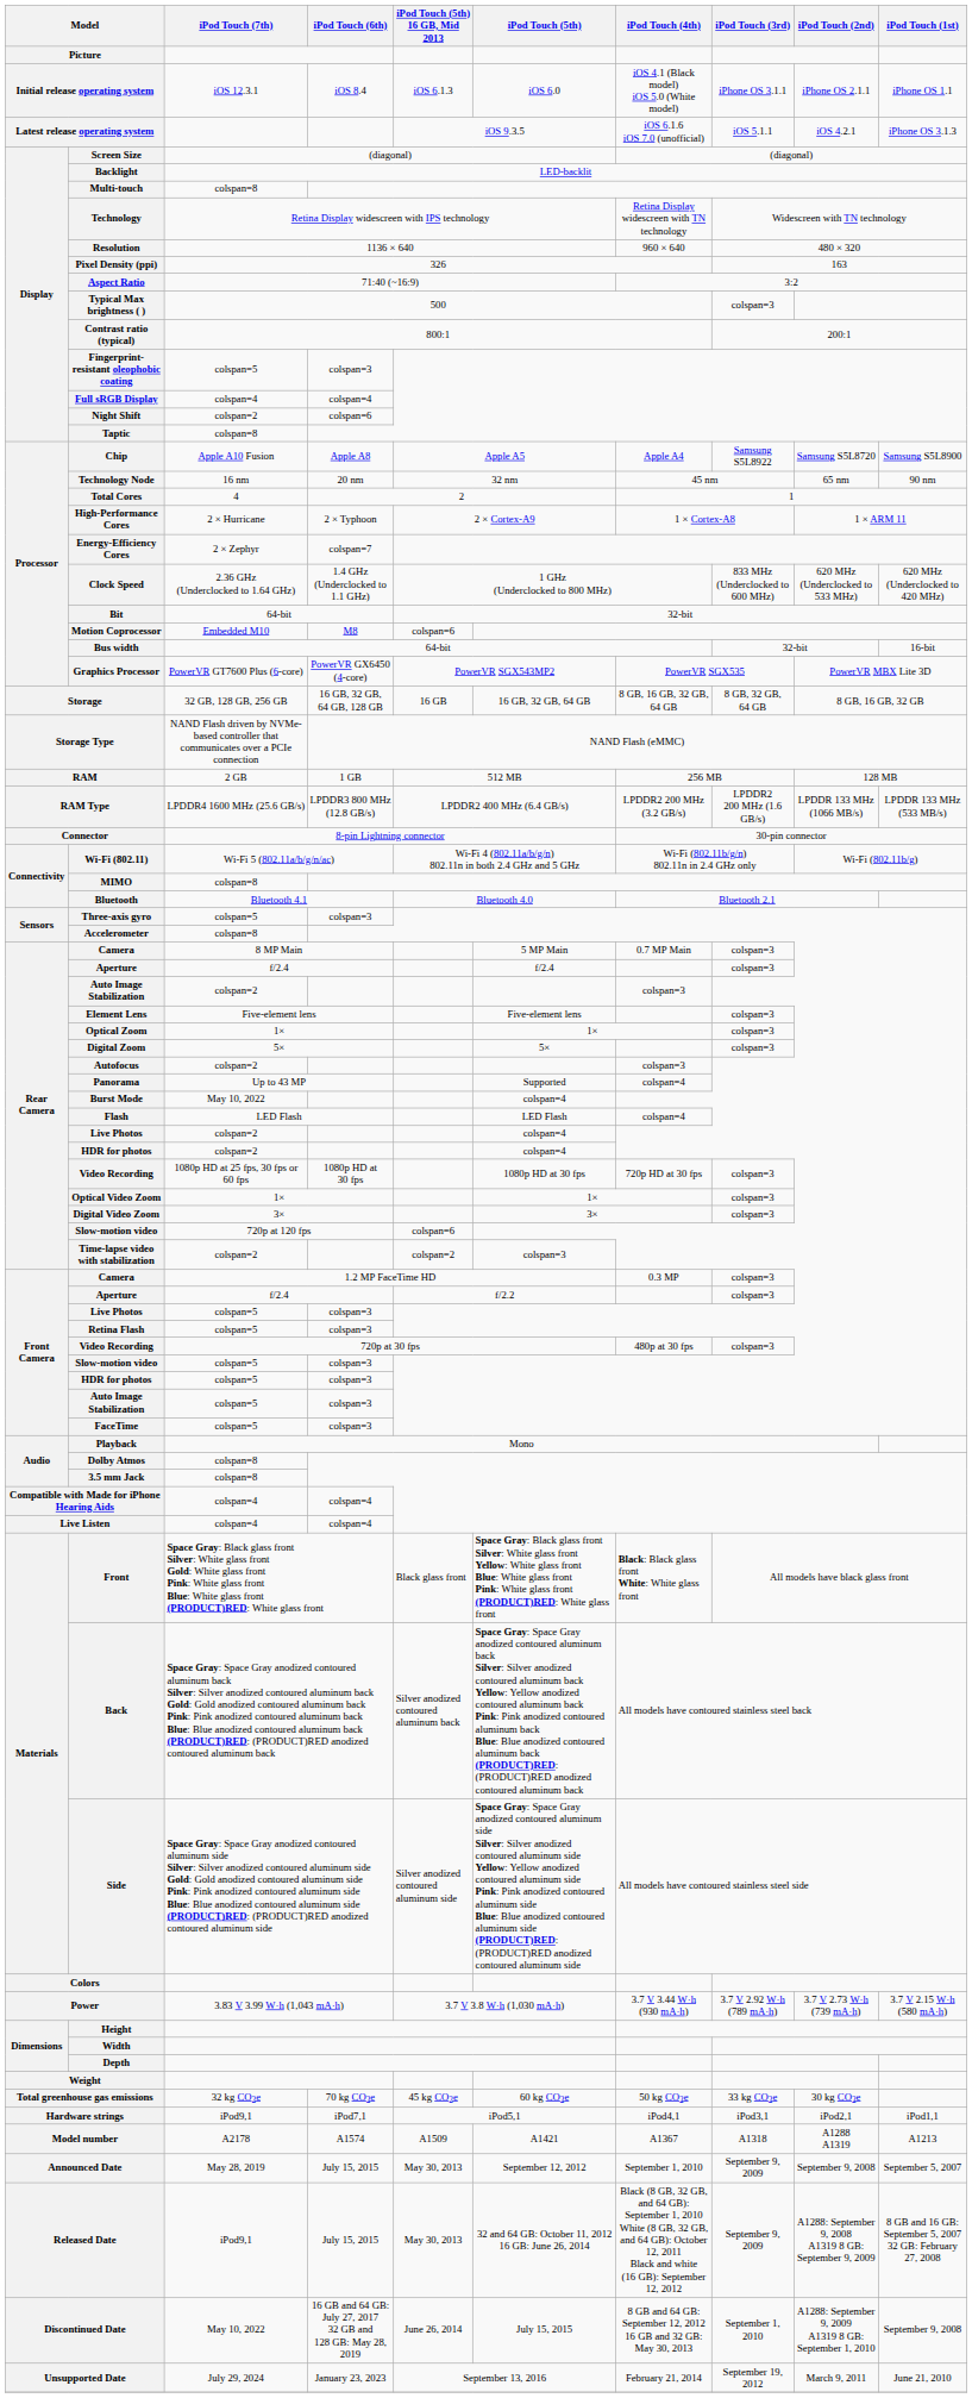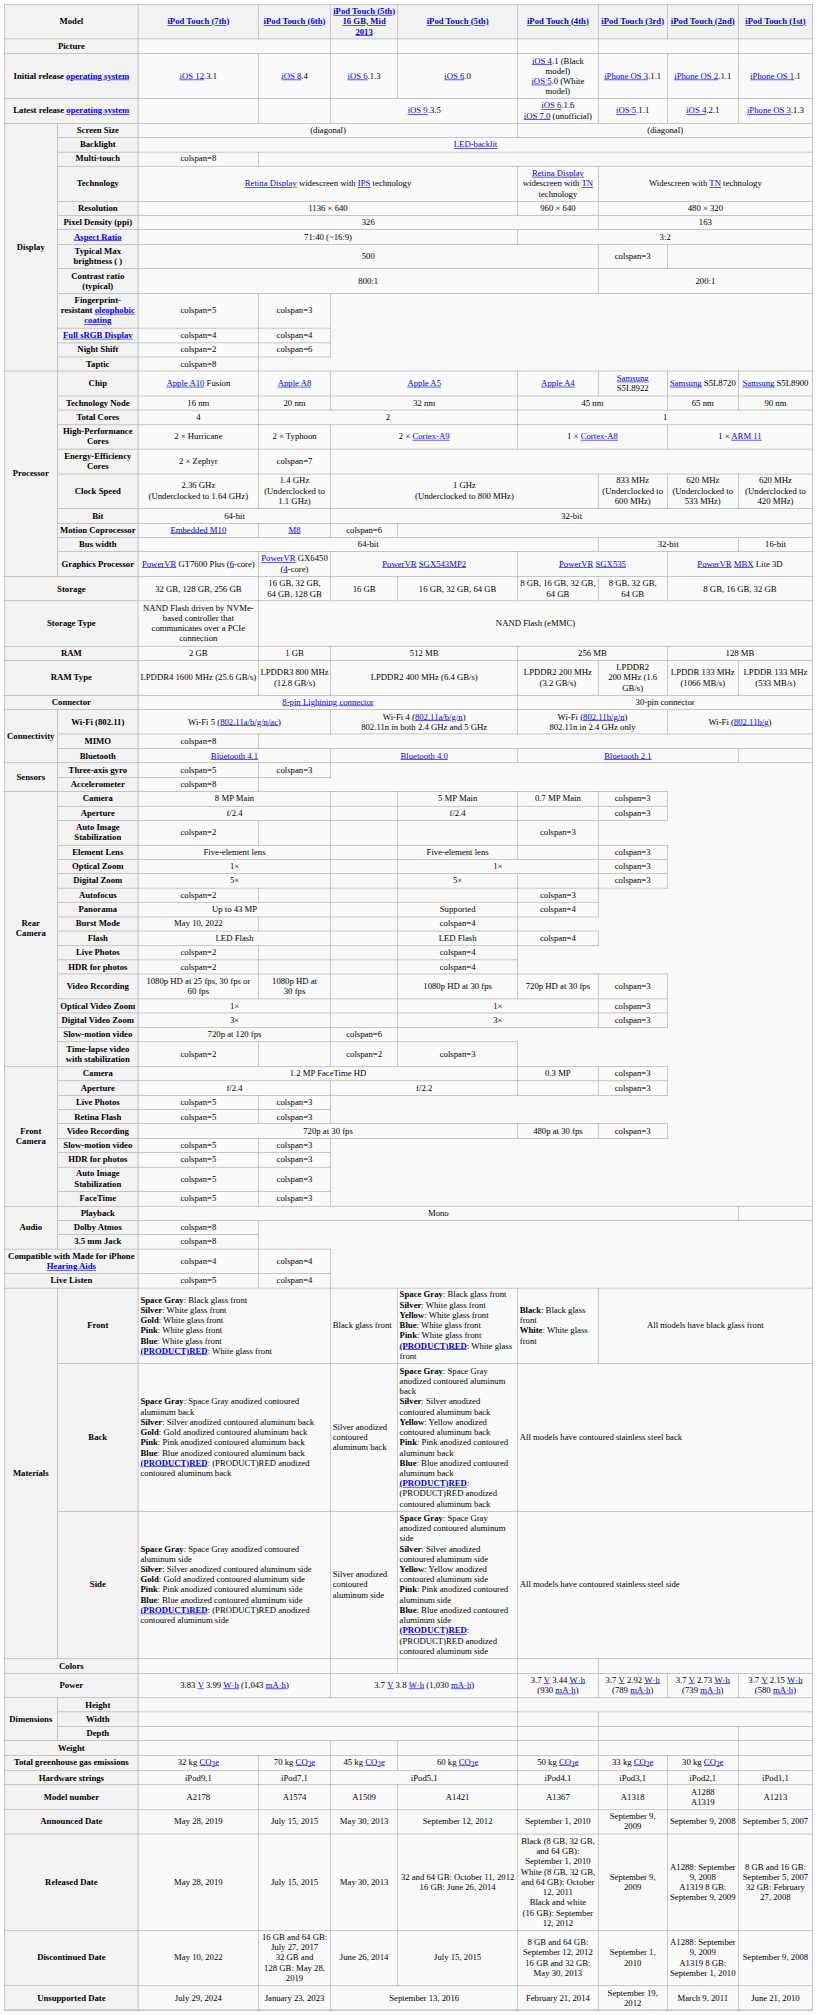 <table class="wikitable collapsible"  style="text-align:center; width:100%; font-size: 85%">
 <tr>
 <th colspan=2 style="background:#silver;">Model</th>
 <th><a href='#'>iPod Touch (7th)</a></th>
 <th><a href='#'>iPod Touch (6th)</a></th>
 <th><a href='#'>iPod Touch (5th)<br>16 GB, Mid 2013</a></th>
 <th><a href='#'>iPod Touch (5th)</a></th>
 <th><a href='#'>iPod Touch (4th)</a></th>
 <th><a href='#'>iPod Touch (3rd)</a></th>
 <th><a href='#'>iPod Touch (2nd)</a></th>
 <th><a href='#'>iPod Touch (1st)</a></th>
 </tr>
 <tr>
 <th colspan=2 >Picture</th>
 <td colspan=2></td>
 <td></td>
 <td></td>
 <td></td>
 <td colspan=2></td>
 <td></td>
 </tr>
 <tr>
 <th colspan=2 >Initial release <a href='#'>operating system</a></th>
 <td><a href='#'>iOS 12</a>.3.1</td>
 <td><a href='#'>iOS 8</a>.4</td>
 <td><a href='#'>iOS 6</a>.1.3</td>
 <td><a href='#'>iOS 6</a>.0</td>
 <td><a href='#'>iOS 4</a>.1 (Black model)<br><a href='#'>iOS 5</a>.0 (White model)</td>
 <td><a href='#'>iPhone OS 3</a>.1.1</td>
 <td><a href='#'>iPhone OS 2</a>.1.1</td>
 <td><a href='#'>iPhone OS 1</a>.1</td>
 </tr>
 <tr>
 <th colspan=2 >Latest release <a href='#'>operating system</a></th>
 <td></td>
 <td></td>
 <td colspan=2><a href='#'>iOS 9</a>.3.5</td>
 <td><a href='#'>iOS 6</a>.1.6<br><a href='#'>iOS 7.0</a> (unofficial)</td>
 <td><a href='#'>iOS 5</a>.1.1</td>
 <td><a href='#'>iOS 4</a>.2.1</td>
 <td><a href='#'>iPhone OS 3</a>.1.3</td>
 </tr>
 <tr>
 <th rowspan=13 >Display</th>
 <th>Screen Size</th>
 <td colspan=4> (diagonal)<br></td>
 <td colspan=4> (diagonal)<br></td>
 </tr>
 <tr>
 <th>Backlight</th>
 <td colspan=8><a href='#'>LED-backlit</a></td>
 </tr>
 <tr>
 <th>Multi-touch</th>
 <td>colspan=8 </td>
 </tr>
 <tr>
 <th>Technology</th>
 <td colspan=4><a href='#'>Retina Display</a> widescreen with <a href='#'>IPS</a> technology</td>
 <td><a href='#'>Retina Display</a> widescreen with <a href='#'>TN</a> technology</td>
 <td colspan="3">Widescreen with <a href='#'>TN</a> technology</td>
 </tr>
 <tr>
 <th>Resolution</th>
 <td colspan=4>1136 × 640</td>
 <td>960 × 640</td>
 <td colspan=3>480 × 320</td>
 </tr>
 <tr>
 <th>Pixel Density (ppi)</th>
 <td colspan=5>326</td>
 <td colspan=3>163</td>
 </tr>
 <tr>
 <th><a href='#'>Aspect Ratio</a></th>
 <td colspan=4>71:40 (~16:9)</td>
 <td colspan=4>3:2</td>
 </tr>
 <tr>
 <th>Typical Max brightness ( )</th>
 <td colspan=5>500</td>
 <td>colspan=3 </td>
 </tr>
 <tr>
 <th>Contrast ratio (typical)</th>
 <td colspan=5>800:1</td>
 <td colspan=3>200:1</td>
 </tr>
 <tr>
 <th>Fingerprint-resistant <a href='#'>oleophobic coating</a></th>
 <td>colspan=5 </td>
 <td>colspan=3 </td>
 </tr>
 <tr>
 <th><a href='#'>Full sRGB Display</a></th>
 <td>colspan=4 </td>
 <td>colspan=4 </td>
 </tr>
 <tr>
 <th>Night Shift</th>
 <td>colspan=2 </td>
 <td>colspan=6 </td>
 </tr>
 <tr>
 <th>Taptic</th>
 <td>colspan=8 </td>
 </tr>
 <tr>
 <th rowspan=10 >Processor</th>
 <th>Chip</th>
 <td><a href='#'>Apple A10</a> Fusion</td>
 <td><a href='#'>Apple A8</a></td>
 <td colspan=2><a href='#'>Apple A5</a></td>
 <td><a href='#'>Apple A4</a></td>
 <td><a href='#'>Samsung</a> S5L8922</td>
 <td><a href='#'>Samsung</a> S5L8720</td>
 <td><a href='#'>Samsung</a> S5L8900</td>
 </tr>
 <tr>
 <th>Technology Node</th>
 <td>16 nm</td>
 <td>20 nm</td>
 <td colspan=2>32 nm</td>
 <td colspan=2>45 nm</td>
 <td>65 nm</td>
 <td>90 nm</td>
 </tr>
 <tr>
 <th>Total Cores</th>
 <td>4</td>
 <td colspan=3>2</td>
 <td colspan=4>1</td>
 </tr>
 <tr>
 <th>High-Performance Cores</th>
 <td>2 × Hurricane</td>
 <td>2 × Typhoon</td>
 <td colspan=2>2 × <a href='#'>Cortex-A9</a></td>
 <td colspan=2>1 × <a href='#'>Cortex-A8</a></td>
 <td colspan=2>1 × <a href='#'>ARM 11</a></td>
 </tr>
 <tr>
 <th>Energy-Efficiency Cores</th>
 <td>2 × Zephyr</td>
 <td>colspan=7 </td>
 </tr>
 <tr>
 <th>Clock Speed</th>
 <td>2.36 GHz<br>(Underclocked to 1.64 GHz)</td>
 <td>1.4 GHz<br>(Underclocked to 1.1 GHz)</td>
 <td colspan=3>1 GHz<br>(Underclocked to 800 MHz)</td>
 <td>833 MHz<br>(Underclocked to 600 MHz)</td>
 <td>620 MHz<br>(Underclocked to 533 MHz)</td>
 <td>620 MHz<br>(Underclocked to 420 MHz)</td>
 </tr>
 <tr>
 <th>Bit</th>
 <td colspan=2>64-bit</td>
 <td colspan=6>32-bit</td>
 </tr>
 <tr>
 <th>Motion Coprocessor</th>
 <td><a href='#'>Embedded M10</a></td>
 <td><a href='#'>M8</a></td>
 <td>colspan=6 </td>
 </tr>
 <tr>
 <th>Bus width</th>
 <td colspan=5>64-bit</td>
 <td colspan=2>32-bit</td>
 <td>16-bit</td>
 </tr>
 <tr>
 <th>Graphics Processor</th>
 <td><a href='#'>PowerVR</a> GT7600 Plus (<a href='#'>6</a>-core)</td>
 <td><a href='#'>PowerVR</a> GX6450 (<a href='#'>4</a>-core)</td>
 <td colspan=2><a href='#'>PowerVR</a> <a href='#'>SGX543MP2</a></td>
 <td colspan=2><a href='#'>PowerVR</a> <a href='#'>SGX535</a></td>
 <td colspan=2><a href='#'>PowerVR</a> <a href='#'>MBX</a> Lite 3D</td>
 </tr>
 <tr>
 <th colspan=2 >Storage</th>
 <td>32 GB, 128 GB, 256 GB</td>
 <td>16 GB, 32 GB, 64 GB, 128 GB</td>
 <td>16 GB</td>
 <td>16 GB, 32 GB, 64 GB</td>
 <td>8 GB, 16 GB, 32 GB, 64 GB</td>
 <td>8 GB, 32 GB, 64 GB</td>
 <td colspan=2>8 GB, 16 GB, 32 GB</td>
 </tr>
 <tr>
 <th colspan=2 >Storage Type</th>
 <td>NAND Flash driven by NVMe-based controller that communicates over a PCIe connection</td>
 <td colspan=7>NAND Flash (eMMC)</td>
 </tr>
 <tr>
 <th colspan=2 >RAM</th>
 <td>2 GB</td>
 <td>1 GB</td>
 <td colspan=2>512 MB</td>
 <td colspan=2>256 MB</td>
 <td colspan=2>128 MB</td>
 </tr>
 <tr>
 <th colspan=2 >RAM Type</th>
 <td>LPDDR4 1600 MHz (25.6 GB/s)</td>
 <td>LPDDR3 800 MHz (12.8 GB/s)</td>
 <td colspan=2>LPDDR2 400 MHz (6.4 GB/s)</td>
 <td>LPDDR2 200 MHz (3.2 GB/s)</td>
 <td>LPDDR2 200 MHz (1.6 GB/s)</td>
 <td>LPDDR 133 MHz (1066 MB/s)</td>
 <td>LPDDR 133 MHz (533 MB/s)</td>
 </tr>
 <tr>
 <th colspan=2 >Connector</th>
 <td colspan=4><a href='#'>8-pin Lightning connector</a></td>
 <td colspan=4>30-pin connector</td>
 </tr>
 <tr>
 <th rowspan=3 >Connectivity</th>
 <th>Wi-Fi (802.11)</th>
 <td colspan=2>Wi-Fi 5 (<a href='#'>802.11a/b/g/n/ac</a>)</td>
 <td colspan=2>Wi-Fi 4 (<a href='#'>802.11a/b/g/n</a>)<br>802.11n in both 2.4 GHz and 5 GHz</td>
 <td colspan=2>Wi-Fi (<a href='#'>802.11b/g/n</a>)<br>802.11n in 2.4 GHz only</td>
 <td colspan=3>Wi-Fi (<a href='#'>802.11b/g</a>)</td>
 </tr>
 <tr>
 <th>MIMO</th>
 <td>colspan=8 </td>
 </tr>
 <tr>
 <th>Bluetooth</th>
 <td colspan=2><a href='#'>Bluetooth 4.1</a></td>
 <td colspan=2><a href='#'>Bluetooth 4.0</a></td>
 <td colspan=3><a href='#'>Bluetooth 2.1</a></td>
 <td></td>
 </tr>
 <tr>
 <th rowspan=2 >Sensors</th>
 <th>Three-axis gyro</th>
 <td>colspan=5 </td>
 <td>colspan=3 </td>
 </tr>
 <tr>
 <th>Accelerometer</th>
 <td>colspan=8 </td>
 </tr>
 <tr>
 <th rowspan=17 >Rear Camera</th>
 <th>Camera</th>
 <td colspan=2>8 MP Main</td>
 <td></td>
 <td>5 MP Main</td>
 <td>0.7 MP Main</td>
 <td>colspan=3 </td>
 </tr>
 <tr>
 <th>Aperture</th>
 <td colspan=2>f/2.4</td>
 <td></td>
 <td>f/2.4</td>
 <td></td>
 <td>colspan=3 </td>
 </tr>
 <tr>
 <th>Auto Image Stabilization</th>
 <td>colspan=2 </td>
 <td></td>
 <td></td>
 <td></td>
 <td>colspan=3 </td>
 </tr>
 <tr>
 <th>Element Lens</th>
 <td colspan=2>Five-element lens</td>
 <td></td>
 <td>Five-element lens</td>
 <td></td>
 <td>colspan=3 </td>
 </tr>
 <tr>
 <th>Optical Zoom</th>
 <td colspan=2>1×</td>
 <td></td>
 <td colspan=2>1×</td>
 <td>colspan=3 </td>
 </tr>
 <tr>
 <th>Digital Zoom</th>
 <td colspan=2>5×</td>
 <td></td>
 <td>5×</td>
 <td></td>
 <td>colspan=3 </td>
 </tr>
 <tr>
 <th>Autofocus</th>
 <td>colspan=2 </td>
 <td></td>
 <td></td>
 <td></td>
 <td>colspan=3 </td>
 </tr>
 <tr>
 <th>Panorama</th>
 <td colspan=2>Up to 43 MP</td>
 <td></td>
 <td>Supported</td>
 <td>colspan=4 </td>
 </tr>
 <tr>
 <th>Burst Mode</th>
 <td>May 10, 2022</td>
 <td></td>
 <td></td>
 <td>colspan=4 </td>
 </tr>
 <tr>
 <th>Flash</th>
 <td colspan=2>LED Flash</td>
 <td></td>
 <td>LED Flash</td>
 <td>colspan=4 </td>
 </tr>
 <tr>
 <th>Live Photos</th>
 <td>colspan=2 </td>
 <td></td>
 <td></td>
 <td>colspan=4 </td>
 </tr>
 <tr>
 <th>HDR for photos</th>
 <td>colspan=2 </td>
 <td></td>
 <td></td>
 <td>colspan=4 </td>
 </tr>
 <tr>
 <th>Video Recording</th>
 <td>1080p HD at 25 fps, 30 fps or 60 fps</td>
 <td>1080p HD at 30 fps</td>
 <td></td>
 <td>1080p HD at 30 fps</td>
 <td>720p HD at 30 fps</td>
 <td>colspan=3 </td>
 </tr>
 <tr>
 <th>Optical Video Zoom</th>
 <td colspan=2>1×</td>
 <td></td>
 <td colspan=2>1×</td>
 <td>colspan=3 </td>
 </tr>
 <tr>
 <th>Digital Video Zoom</th>
 <td colspan=2>3×</td>
 <td></td>
 <td colspan=2>3×</td>
 <td>colspan=3 </td>
 </tr>
 <tr>
 <th>Slow-motion video</th>
 <td colspan=2>720p at 120 fps</td>
 <td>colspan=6 </td>
 </tr>
 <tr>
 <th>Time-lapse video with stabilization</th>
 <td>colspan=2 </td>
 <td></td>
 <td>colspan=2 </td>
 <td>colspan=3 </td>
 </tr>
 <tr>
 <th rowspan=9 >Front Camera</th>
 <th>Camera</th>
 <td colspan=4>1.2 MP FaceTime HD</td>
 <td>0.3 MP</td>
 <td>colspan=3 </td>
 </tr>
 <tr>
 <th>Aperture</th>
 <td colspan=2>f/2.4</td>
 <td colspan=2>f/2.2</td>
 <td></td>
 <td>colspan=3 </td>
 </tr>
 <tr>
 <th>Live Photos</th>
 <td>colspan=5 </td>
 <td>colspan=3 </td>
 </tr>
 <tr>
 <th>Retina Flash</th>
 <td>colspan=5 </td>
 <td>colspan=3 </td>
 </tr>
 <tr>
 <th>Video Recording</th>
 <td colspan=4>720p at 30 fps</td>
 <td>480p at 30 fps</td>
 <td>colspan=3 </td>
 </tr>
 <tr>
 <th>Slow-motion video</th>
 <td>colspan=5 </td>
 <td>colspan=3 </td>
 </tr>
 <tr>
 <th>HDR for photos</th>
 <td>colspan=5 </td>
 <td>colspan=3 </td>
 </tr>
 <tr>
 <th>Auto Image Stabilization</th>
 <td>colspan=5 </td>
 <td>colspan=3 </td>
 </tr>
 <tr>
 <th>FaceTime</th>
 <td>colspan=5 </td>
 <td>colspan=3 </td>
 </tr>
 <tr>
 <th rowspan=3 >Audio</th>
 <th>Playback</th>
 <td colspan=7>Mono</td>
 <td></td>
 </tr>
 <tr>
 <th>Dolby Atmos</th>
 <td>colspan=8 </td>
 </tr>
 <tr>
 <th>3.5 mm Jack</th>
 <td>colspan=8 </td>
 </tr>
 <tr>
 <th colspan=2 >Compatible with Made for iPhone <a href='#'>Hearing Aids</a></th>
 <td>colspan=4 </td>
 <td>colspan=4 </td>
 </tr>
 <tr>
 <th colspan=2 >Live Listen</th>
-<td>colspan=4 </td>
+<td>colspan=5 </td>
 <td>colspan=4 </td>
 </tr>
 <tr>
 <th rowspan=3 >Materials</th>
 <th>Front</th>
 <td colspan=2 style="text-align:left;"><strong>Space Gray</strong>: Black glass front<br><strong>Silver</strong>: White glass front<br><strong>Gold</strong>: White glass front<br><strong>Pink</strong>: White glass front<br><strong>Blue</strong>: White glass front<br><strong><a href='#'>(PRODUCT)RED</a></strong>: White glass front</td>
 <td style="text-align:left;">Black glass front</td>
 <td style="text-align:left;"><strong>Space Gray</strong>: Black glass front<br><strong>Silver</strong>: White glass front<br><strong>Yellow</strong>: White glass front<br><strong>Blue</strong>: White glass front<br><strong>Pink</strong>: White glass front<br><strong><a href='#'>(PRODUCT)RED</a></strong>: White glass front</td>
 <td style="text-align:left;"><strong>Black</strong>: Black glass front<br><strong>White</strong>: White glass front</td>
 <td colspan=3>All models have black glass front</td>
 </tr>
 <tr>
 <th>Back</th>
 <td colspan=2 style="text-align:left;"><strong>Space Gray</strong>: Space Gray anodized contoured aluminum back<br><strong>Silver</strong>: Silver anodized contoured aluminum back<br><strong>Gold</strong>: Gold anodized contoured aluminum back<br><strong>Pink</strong>: Pink anodized contoured aluminum back<br><strong>Blue</strong>: Blue anodized contoured aluminum back<br><strong><a href='#'>(PRODUCT)RED</a></strong>: (PRODUCT)RED anodized contoured aluminum back</td>
 <td style="text-align:left;">Silver anodized contoured aluminum back</td>
 <td style="text-align:left;"><strong>Space Gray</strong>: Space Gray anodized contoured aluminum back<br><strong>Silver</strong>: Silver anodized contoured aluminum back<br><strong>Yellow</strong>: Yellow anodized contoured aluminum back<br><strong>Pink</strong>: Pink anodized contoured aluminum back<br><strong>Blue</strong>: Blue anodized contoured aluminum back<br><strong><a href='#'>(PRODUCT)RED</a></strong>: (PRODUCT)RED anodized contoured aluminum back</td>
 <td colspan=4 style="text-align:left;">All models have contoured stainless steel back</td>
 </tr>
 <tr>
 <th>Side</th>
 <td colspan=2 style="text-align:left;"><strong>Space Gray</strong>: Space Gray anodized contoured aluminum side<br><strong>Silver</strong>: Silver anodized contoured aluminum side<br><strong>Gold</strong>: Gold anodized contoured aluminum side<br><strong>Pink</strong>: Pink anodized contoured aluminum side<br><strong>Blue</strong>: Blue anodized contoured aluminum side<br><strong><a href='#'>(PRODUCT)RED</a></strong>: (PRODUCT)RED anodized contoured aluminum side</td>
 <td style="text-align:left;">Silver anodized contoured aluminum side</td>
 <td style="text-align:left;"><strong>Space Gray</strong>: Space Gray anodized contoured aluminum side<br><strong>Silver</strong>: Silver anodized contoured aluminum side<br><strong>Yellow</strong>: Yellow anodized contoured aluminum side<br><strong>Pink</strong>: Pink anodized contoured aluminum side<br><strong>Blue</strong>: Blue anodized contoured aluminum side<br><strong><a href='#'>(PRODUCT)RED</a></strong>: (PRODUCT)RED anodized contoured aluminum side</td>
 <td colspan=4 style="text-align:left;">All models have contoured stainless steel side</td>
 </tr>
 <tr>
 <th colspan=2 >Colors</th>
 <td colspan=2></td>
 <td></td>
 <td></td>
 <td> </td>
 <td colspan=3></td>
 </tr>
 <tr>
 <th colspan=2 >Power</th>
 <td colspan=2>3.83 <a href='#'>V</a> 3.99 <a href='#'>W·h</a> (1,043 <a href='#'>mA·h</a>)</td>
 <td colspan=2>3.7 <a href='#'>V</a> 3.8 <a href='#'>W·h</a> (1,030 <a href='#'>mA·h</a>)</td>
 <td>3.7 <a href='#'>V</a> 3.44 <a href='#'>W·h</a> (930 <a href='#'>mA·h</a>)</td>
 <td>3.7 <a href='#'>V</a> 2.92 <a href='#'>W·h</a> (789 <a href='#'>mA·h</a>)</td>
 <td>3.7 <a href='#'>V</a> 2.73 <a href='#'>W·h</a> (739 <a href='#'>mA·h</a>)</td>
 <td>3.7 <a href='#'>V</a> 2.15 <a href='#'>W·h</a> (580 <a href='#'>mA·h</a>)</td>
 </tr>
 <tr>
 <th rowspan=3 >Dimensions</th>
 <th>Height</th>
 <td colspan=4></td>
 <td colspan=4></td>
 </tr>
 <tr>
 <th>Width</th>
 <td colspan=4></td>
 <td></td>
 <td colspan=3></td>
 </tr>
 <tr>
 <th>Depth</th>
 <td colspan=4></td>
 <td></td>
 <td colspan=2></td>
 <td></td>
 </tr>
 <tr>
 <th colspan=2 >Weight</th>
 <td colspan=2></td>
 <td></td>
 <td></td>
 <td></td>
 <td colspan=2></td>
 <td></td>
 </tr>
 <tr>
 <th colspan=2 >Total greenhouse gas emissions</th>
 <td>32 kg <a href='#'>CO<sub>2</sub>e</a></td>
 <td>70 kg <a href='#'>CO<sub>2</sub>e</a></td>
 <td>45 kg <a href='#'>CO<sub>2</sub>e</a></td>
 <td>60 kg <a href='#'>CO<sub>2</sub>e</a></td>
 <td>50 kg <a href='#'>CO<sub>2</sub>e</a></td>
 <td>33 kg <a href='#'>CO<sub>2</sub>e</a></td>
 <td>30 kg <a href='#'>CO<sub>2</sub>e</a></td>
 <td></td>
 </tr>
 <tr>
 <th colspan=2 >Hardware strings</th>
 <td>iPod9,1</td>
 <td>iPod7,1</td>
 <td colspan=2>iPod5,1</td>
 <td>iPod4,1</td>
 <td>iPod3,1</td>
 <td>iPod2,1</td>
 <td>iPod1,1</td>
 </tr>
 <tr>
 <th colspan=2 >Model number</th>
 <td>A2178</td>
 <td>A1574</td>
 <td>A1509</td>
 <td>A1421</td>
 <td>A1367</td>
 <td>A1318</td>
 <td>A1288<br>A1319</td>
 <td>A1213</td>
 </tr>
 <tr>
 <th colspan=2 >Announced Date</th>
 <td>May 28, 2019</td>
 <td>July 15, 2015</td>
 <td>May 30, 2013</td>
 <td>September 12, 2012</td>
 <td>September 1, 2010</td>
 <td>September 9, 2009</td>
 <td>September 9, 2008</td>
 <td>September 5, 2007</td>
 </tr>
 <tr>
 <th colspan=2 >Released Date</th>
-<td>iPod9,1</td>
+<td>May 28, 2019</td>
 <td>July 15, 2015</td>
 <td>May 30, 2013</td>
 <td>32 and 64 GB: October 11, 2012<br>16 GB: June 26, 2014</td>
 <td>Black (8 GB, 32 GB, and 64 GB): September 1, 2010<br>White (8 GB, 32 GB, and 64 GB): October 12, 2011<br>Black and white (16 GB): September 12, 2012</td>
 <td>September 9, 2009</td>
 <td>A1288: September 9, 2008<br>A1319 8 GB: September 9, 2009</td>
 <td>8 GB and 16 GB: September 5, 2007<br>32 GB: February 27, 2008</td>
 </tr>
 <tr>
 <th colspan=2 >Discontinued Date</th>
 <td>May 10, 2022</td>
 <td>16 GB and 64 GB: July 27, 2017<br>32 GB and 128 GB: May 28, 2019</td>
 <td>June 26, 2014</td>
 <td>July 15, 2015</td>
 <td>8 GB and 64 GB: September 12, 2012<br>16 GB and 32 GB: May 30, 2013</td>
 <td>September 1, 2010</td>
 <td>A1288: September 9, 2009<br>A1319 8 GB: September 1, 2010</td>
 <td>September 9, 2008</td>
 </tr>
 <tr>
 <th colspan=2 >Unsupported Date</th>
 <td>July 29, 2024</td>
 <td>January 23, 2023</td>
 <td colspan=2>September 13, 2016</td>
 <td>February 21, 2014</td>
 <td>September 19, 2012</td>
 <td>March 9, 2011</td>
 <td>June 21, 2010</td>
 </tr>
 <tr>
 </tr>
 </table>
